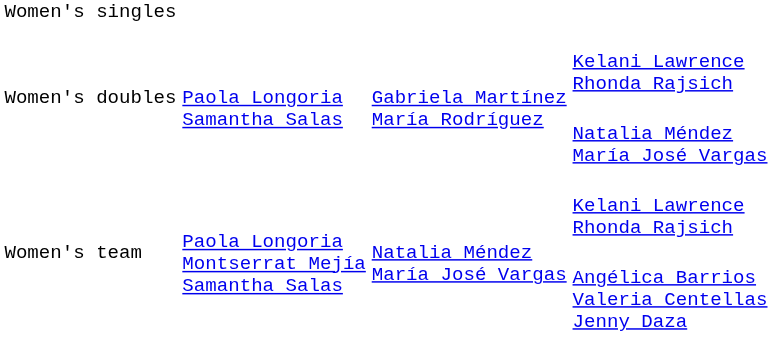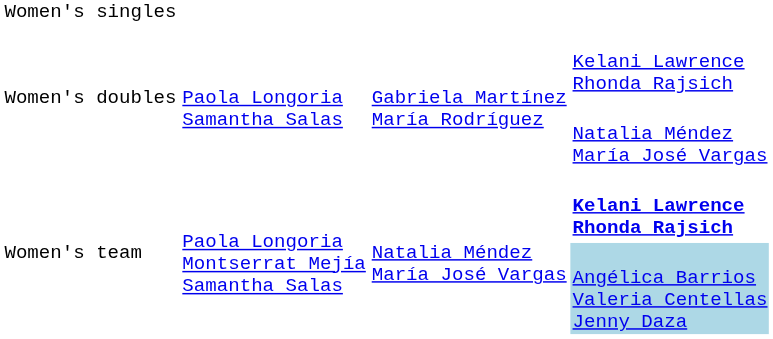 <table>
 <tr>
 <td rowspan=2>Women's singles<br></td>
 <td rowspan=2></td>
 <td rowspan=2></td>
 <td></td>
 </tr>
 <tr>
 <td></td>
 </tr>
 <tr>
 <td rowspan=2>Women's doubles<br></td>
 <td rowspan=2><br><a href='#'>Paola Longoria</a><br><a href='#'>Samantha Salas</a></td>
 <td rowspan=2><br><a href='#'>Gabriela Martínez</a><br><a href='#'>María Rodríguez</a></td>
 <td><br><a href='#'>Kelani Lawrence</a><br><a href='#'>Rhonda Rajsich</a></td>
 </tr>
 <tr>
 <td><br><a href='#'>Natalia Méndez</a><br><a href='#'>María José Vargas</a></td>
 </tr>
 <tr>
 <td rowspan=2>Women's team<br></td>
 <td rowspan=2><br><a href='#'>Paola Longoria</a><br><a href='#'>Montserrat Mejía</a><br><a href='#'>Samantha Salas</a></td>
 <td rowspan=2><br><a href='#'>Natalia Méndez</a><br><a href='#'>María José Vargas</a></td>
-<td><br><a href='#'>Kelani Lawrence</a><br><a href='#'>Rhonda Rajsich</a></td>
+<td><strong><br><a href='#'>Kelani Lawrence</a><br><a href='#'>Rhonda Rajsich</a></strong></td>
 </tr>
 <tr>
-<td><br><a href='#'>Angélica Barrios</a><br><a href='#'>Valeria Centellas</a><br><a href='#'>Jenny Daza</a></td>
+<td style="background: lightblue;"><br><a href='#'>Angélica Barrios</a><br><a href='#'>Valeria Centellas</a><br><a href='#'>Jenny Daza</a></td>
 </tr>
 </table>
